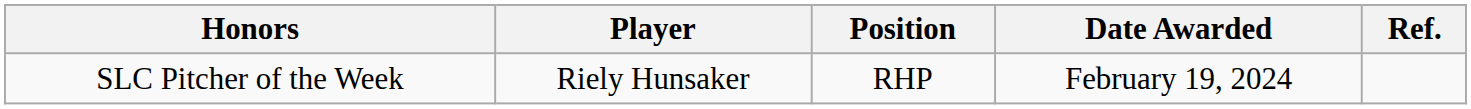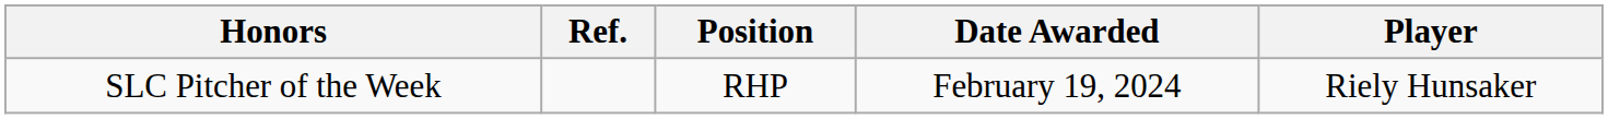 <table class="wikitable" style="width: 60%;text-align: center;">
 <tr>
 <th>Honors</th>
-<th>Player</th>
+<th>Ref.</th>
 <th>Position</th>
 <th>Date Awarded</th>
-<th>Ref.</th>
+<th>Player</th>
 </tr>
 <tr align="center">
 <td rowspan="1">SLC Pitcher of the Week</td>
-<td>Riely Hunsaker</td>
+<td></td>
 <td>RHP</td>
 <td>February 19, 2024</td>
-<td></td>
+<td>Riely Hunsaker</td>
 </tr>
 </table>
